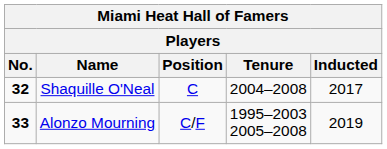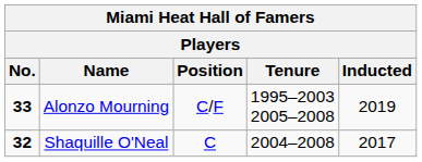 <table class="wikitable" style="text-align:center;">
 <tr>
 <th colspan="5">Miami Heat Hall of Famers</th>
 </tr>
 <tr>
 <th colspan="5">Players</th>
 </tr>
 <tr>
 <th>No.</th>
 <th>Name</th>
 <th>Position</th>
 <th>Tenure</th>
 <th>Inducted</th>
 </tr>
 <tr>
+<td><strong>33</strong></td>
+<td><a href='#'>Alonzo Mourning</a></td>
+<td><a href='#'>C</a>/<a href='#'>F</a></td>
+<td>1995–2003<br>2005–2008</td>
+<td>2019</td>
+</tr>
+<tr>
 <td><strong>32</strong></td>
 <td><a href='#'>Shaquille O'Neal</a></td>
 <td><a href='#'>C</a></td>
 <td>2004–2008</td>
 <td>2017</td>
 </tr>
-<tr>
-<td><strong>33</strong></td>
-<td><a href='#'>Alonzo Mourning</a></td>
-<td><a href='#'>C</a>/<a href='#'>F</a></td>
-<td>1995–2003<br>2005–2008</td>
-<td>2019</td>
-</tr>
 </table>
